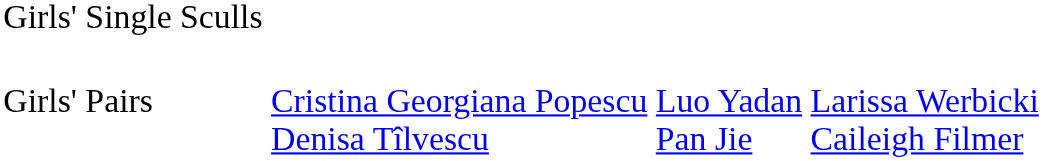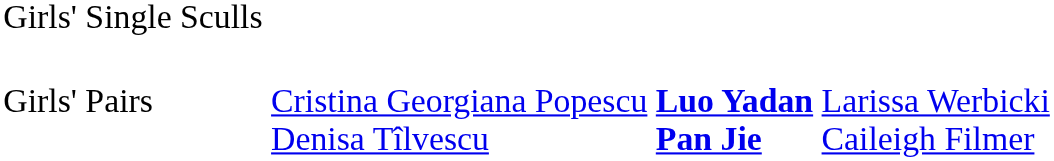 <table>
 <tr>
 <td>Girls' Single Sculls<br></td>
 <td></td>
 <td></td>
 <td></td>
 </tr>
 <tr>
 <td>Girls' Pairs<br></td>
 <td> <br> <a href='#'>Cristina Georgiana Popescu</a> <br> <a href='#'>Denisa Tîlvescu</a></td>
-<td> <br> <a href='#'>Luo Yadan</a> <br> <a href='#'>Pan Jie</a></td>
+<td><strong> <br> <a href='#'>Luo Yadan</a> <br> <a href='#'>Pan Jie</a></strong></td>
 <td> <br> <a href='#'>Larissa Werbicki</a> <br> <a href='#'>Caileigh Filmer</a></td>
 </tr>
 <tr>
 </tr>
 </table>
